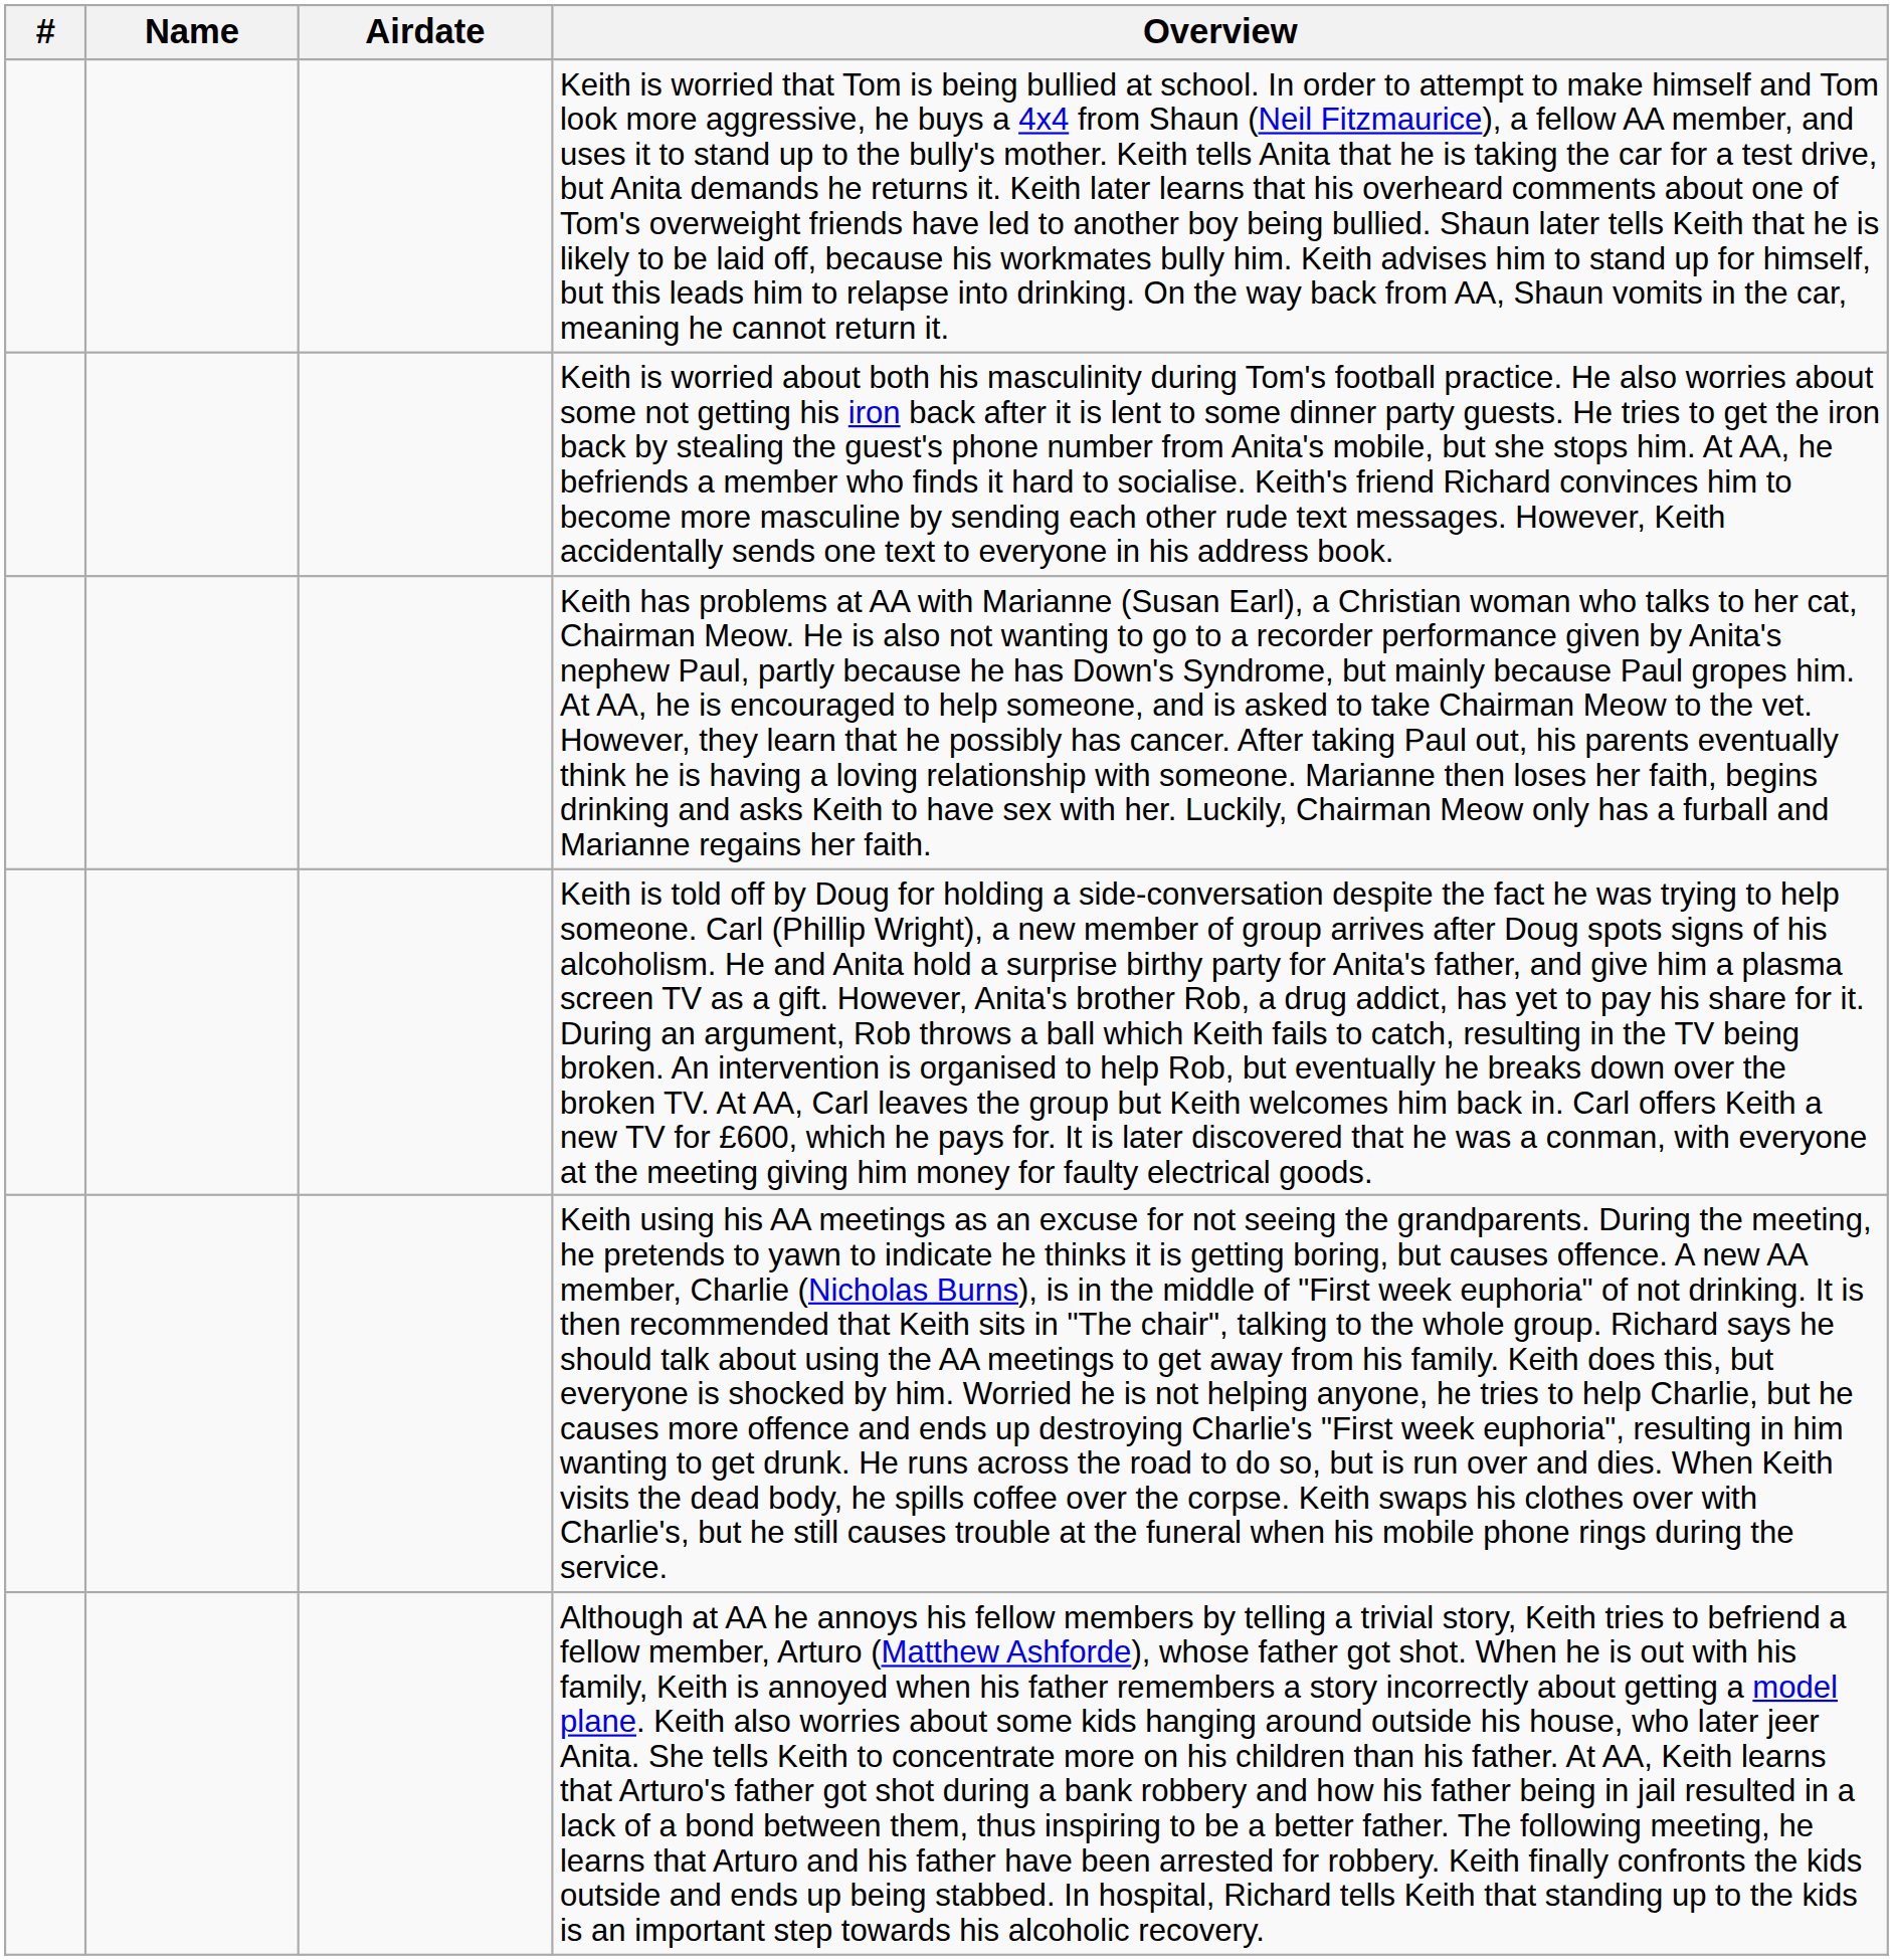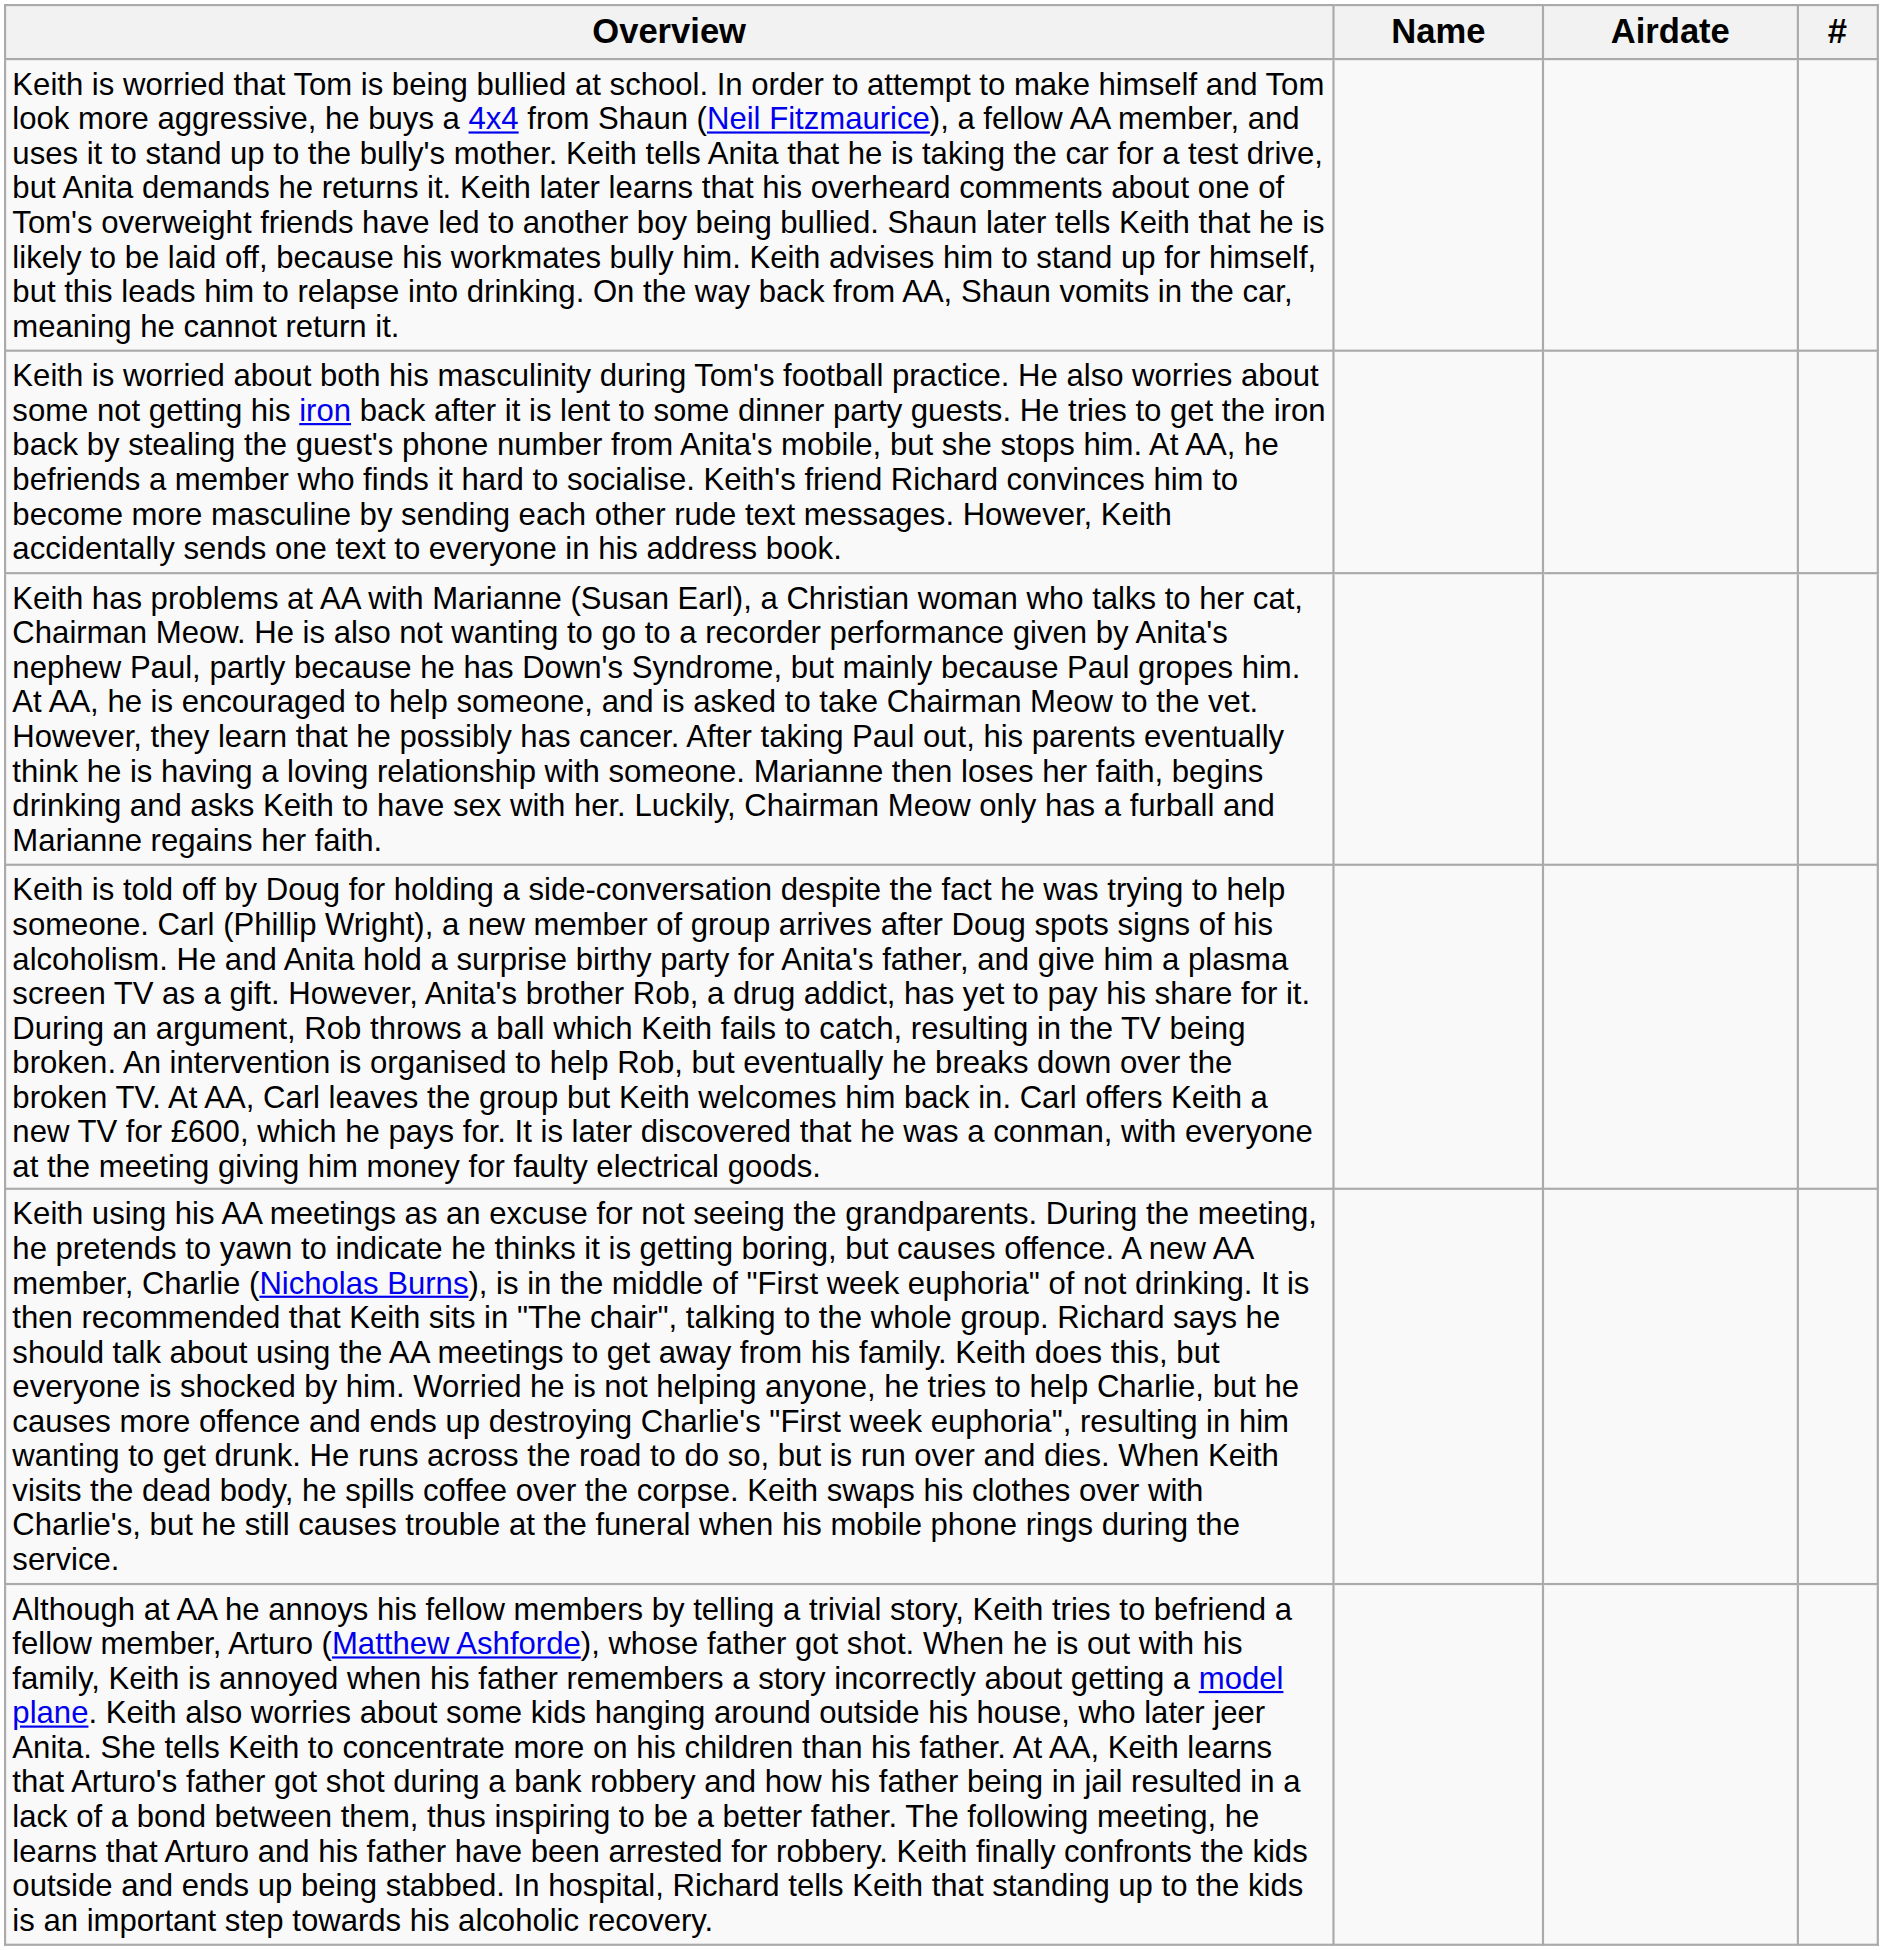 <table class="wikitable">
 <tr>
-<th width="30">#</th>
+<th><strong>Overview</strong></th>
 <th width="90">Name</th>
 <th width="110"><strong>Airdate</strong></th>
-<th><strong>Overview</strong></th>
+<th width="30">#</th>
 </tr>
 <tr>
+<td style="font-size: 90%;">Keith is worried that Tom is being bullied at school. In order to attempt to make himself and Tom look more aggressive, he buys a <a href='#'>4x4</a> from Shaun (<a href='#'>Neil Fitzmaurice</a>), a fellow AA member, and uses it to stand up to the bully's mother. Keith tells Anita that he is taking the car for a test drive, but Anita demands he returns it. Keith later learns that his overheard comments about one of Tom's overweight friends have led to another boy being bullied. Shaun later tells Keith that he is likely to be laid off, because his workmates bully him. Keith advises him to stand up for himself, but this leads him to relapse into drinking. On the way back from AA, Shaun vomits in the car, meaning he cannot return it.</td>
 <td></td>
 <td></td>
 <td></td>
-<td style="font-size: 90%;">Keith is worried that Tom is being bullied at school. In order to attempt to make himself and Tom look more aggressive, he buys a <a href='#'>4x4</a> from Shaun (<a href='#'>Neil Fitzmaurice</a>), a fellow AA member, and uses it to stand up to the bully's mother. Keith tells Anita that he is taking the car for a test drive, but Anita demands he returns it. Keith later learns that his overheard comments about one of Tom's overweight friends have led to another boy being bullied. Shaun later tells Keith that he is likely to be laid off, because his workmates bully him. Keith advises him to stand up for himself, but this leads him to relapse into drinking. On the way back from AA, Shaun vomits in the car, meaning he cannot return it.</td>
 </tr>
 <tr>
+<td style="font-size: 90%;">Keith is worried about both his masculinity during Tom's football practice. He also worries about some not getting his <a href='#'>iron</a> back after it is lent to some dinner party guests. He tries to get the iron back by stealing the guest's phone number from Anita's mobile, but she stops him. At AA, he befriends a member who finds it hard to socialise. Keith's friend Richard convinces him to become more masculine by sending each other rude text messages. However, Keith accidentally sends one text to everyone in his address book.</td>
 <td></td>
 <td></td>
 <td></td>
-<td style="font-size: 90%;">Keith is worried about both his masculinity during Tom's football practice. He also worries about some not getting his <a href='#'>iron</a> back after it is lent to some dinner party guests. He tries to get the iron back by stealing the guest's phone number from Anita's mobile, but she stops him. At AA, he befriends a member who finds it hard to socialise. Keith's friend Richard convinces him to become more masculine by sending each other rude text messages. However, Keith accidentally sends one text to everyone in his address book.</td>
 </tr>
 <tr>
+<td style="font-size: 90%;">Keith has problems at AA with Marianne (Susan Earl), a Christian woman who talks to her cat, Chairman Meow. He is also not wanting to go to a recorder performance given by Anita's nephew Paul, partly because he has Down's Syndrome, but mainly because Paul gropes him. At AA, he is encouraged to help someone, and is asked to take Chairman Meow to the vet. However, they learn that he possibly has cancer. After taking Paul out, his parents eventually think he is having a loving relationship with someone. Marianne then loses her faith, begins drinking and asks Keith to have sex with her. Luckily, Chairman Meow only has a furball and Marianne regains her faith.</td>
 <td></td>
 <td></td>
 <td></td>
-<td style="font-size: 90%;">Keith has problems at AA with Marianne (Susan Earl), a Christian woman who talks to her cat, Chairman Meow. He is also not wanting to go to a recorder performance given by Anita's nephew Paul, partly because he has Down's Syndrome, but mainly because Paul gropes him. At AA, he is encouraged to help someone, and is asked to take Chairman Meow to the vet. However, they learn that he possibly has cancer. After taking Paul out, his parents eventually think he is having a loving relationship with someone. Marianne then loses her faith, begins drinking and asks Keith to have sex with her. Luckily, Chairman Meow only has a furball and Marianne regains her faith.</td>
 </tr>
 <tr>
+<td style="font-size: 90%;">Keith is told off by Doug for holding a side-conversation despite the fact he was trying to help someone. Carl (Phillip Wright), a new member of group arrives after Doug spots signs of his alcoholism. He and Anita hold a surprise birthy party for Anita's father, and give him a plasma screen TV as a gift. However, Anita's brother Rob, a drug addict, has yet to pay his share for it. During an argument, Rob throws a ball which Keith fails to catch, resulting in the TV being broken. An intervention is organised to help Rob, but eventually he breaks down over the broken TV. At AA, Carl leaves the group but Keith welcomes him back in. Carl offers Keith a new TV for £600, which he pays for. It is later discovered that he was a conman, with everyone at the meeting giving him money for faulty electrical goods.</td>
 <td></td>
 <td></td>
 <td></td>
-<td style="font-size: 90%;">Keith is told off by Doug for holding a side-conversation despite the fact he was trying to help someone. Carl (Phillip Wright), a new member of group arrives after Doug spots signs of his alcoholism. He and Anita hold a surprise birthy party for Anita's father, and give him a plasma screen TV as a gift. However, Anita's brother Rob, a drug addict, has yet to pay his share for it. During an argument, Rob throws a ball which Keith fails to catch, resulting in the TV being broken. An intervention is organised to help Rob, but eventually he breaks down over the broken TV. At AA, Carl leaves the group but Keith welcomes him back in. Carl offers Keith a new TV for £600, which he pays for. It is later discovered that he was a conman, with everyone at the meeting giving him money for faulty electrical goods.</td>
 </tr>
 <tr>
+<td style="font-size: 90%;">Keith  using his AA meetings as an excuse for not seeing the grandparents. During the meeting, he pretends to yawn to indicate he thinks it is getting boring, but causes offence. A new AA member, Charlie (<a href='#'>Nicholas Burns</a>), is in the middle of "First week euphoria" of not drinking. It is then recommended that Keith sits in "The chair", talking to the whole group. Richard says he should talk about using the AA meetings to get away from his family. Keith does this, but everyone is shocked by him. Worried he is not helping anyone, he tries to help Charlie, but he causes more offence and ends up destroying Charlie's "First week euphoria", resulting in him wanting to get drunk. He  runs across the road to do so, but is run over and dies. When Keith visits the dead body, he spills coffee over the corpse. Keith swaps his clothes over with Charlie's, but he still causes trouble at the funeral when his mobile phone rings during the service.</td>
 <td></td>
 <td></td>
 <td></td>
-<td style="font-size: 90%;">Keith  using his AA meetings as an excuse for not seeing the grandparents. During the meeting, he pretends to yawn to indicate he thinks it is getting boring, but causes offence. A new AA member, Charlie (<a href='#'>Nicholas Burns</a>), is in the middle of "First week euphoria" of not drinking. It is then recommended that Keith sits in "The chair", talking to the whole group. Richard says he should talk about using the AA meetings to get away from his family. Keith does this, but everyone is shocked by him. Worried he is not helping anyone, he tries to help Charlie, but he causes more offence and ends up destroying Charlie's "First week euphoria", resulting in him wanting to get drunk. He  runs across the road to do so, but is run over and dies. When Keith visits the dead body, he spills coffee over the corpse. Keith swaps his clothes over with Charlie's, but he still causes trouble at the funeral when his mobile phone rings during the service.</td>
 </tr>
 <tr>
+<td style="font-size: 90%;">Although at AA he annoys his fellow members by telling a trivial story, Keith tries to befriend a fellow member, Arturo (<a href='#'>Matthew Ashforde</a>), whose father got shot. When he is out with his family, Keith is annoyed when his father remembers a story incorrectly about getting a <a href='#'>model plane</a>. Keith also worries about some kids hanging around outside his house, who later jeer Anita. She tells Keith to concentrate more on his children than his father. At AA, Keith learns that Arturo's father got shot during a bank robbery and how his father being in jail resulted in a lack of a bond between them, thus inspiring to be a better father. The following meeting, he learns that Arturo and his father have been arrested for robbery. Keith finally confronts the kids outside and ends up being stabbed. In hospital, Richard tells Keith that standing up to the kids is an important step towards his alcoholic recovery.</td>
 <td></td>
 <td></td>
 <td></td>
-<td style="font-size: 90%;">Although at AA he annoys his fellow members by telling a trivial story, Keith tries to befriend a fellow member, Arturo (<a href='#'>Matthew Ashforde</a>), whose father got shot. When he is out with his family, Keith is annoyed when his father remembers a story incorrectly about getting a <a href='#'>model plane</a>. Keith also worries about some kids hanging around outside his house, who later jeer Anita. She tells Keith to concentrate more on his children than his father. At AA, Keith learns that Arturo's father got shot during a bank robbery and how his father being in jail resulted in a lack of a bond between them, thus inspiring to be a better father. The following meeting, he learns that Arturo and his father have been arrested for robbery. Keith finally confronts the kids outside and ends up being stabbed. In hospital, Richard tells Keith that standing up to the kids is an important step towards his alcoholic recovery.</td>
 </tr>
 </table>
